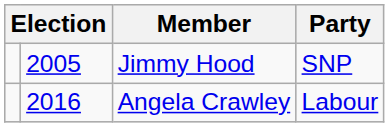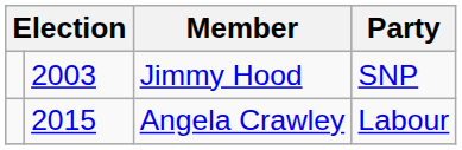 <table class="wikitable">
 <tr>
 <th colspan="2" scope="col">Election</th>
 <th scope="col">Member</th>
 <th scope="col">Party</th>
 </tr>
 <tr>
 <td rowspan="1" style="color:inherit;background-color: "></td>
-<td><a href='#'>2005</a></td>
+<td><a href='#'>2003</a></td>
 <td rowspan="1"><a href='#'>Jimmy Hood</a></td>
 <td rowspan="1"><a href='#'>SNP</a></td>
 </tr>
 <tr>
 <td rowspan="1" style="color:inherit;background-color: "></td>
-<td><a href='#'>2016</a></td>
+<td><a href='#'>2015</a></td>
 <td rowspan="1"><a href='#'>Angela Crawley</a></td>
 <td rowspan="1"><a href='#'>Labour</a></td>
 </tr>
 </table>
